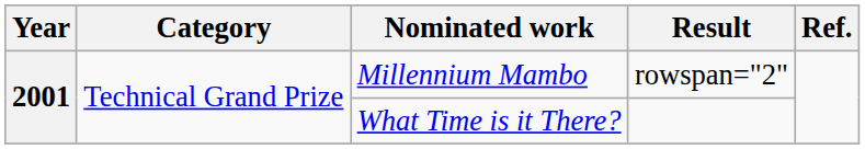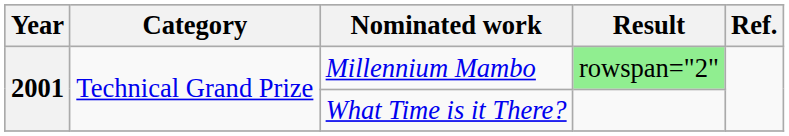 <table class="wikitable">
 <tr>
 <th scope="col">Year</th>
 <th scope="col">Category</th>
 <th scope="col">Nominated work</th>
 <th scope="col">Result</th>
 <th scope="col">Ref.</th>
 </tr>
 <tr>
 <th scope="row" rowspan="2">2001</th>
 <td rowspan="2"><a href='#'>Technical Grand Prize</a></td>
 <td><em><a href='#'>Millennium Mambo</a></em></td>
-<td>rowspan="2"  </td>
+<td style="background: lightgreen;">rowspan="2"  </td>
 <td rowspan="2" align="center"></td>
 </tr>
 <tr>
 <td><em><a href='#'>What Time is it There?</a></em></td>
 </tr>
 </table>
